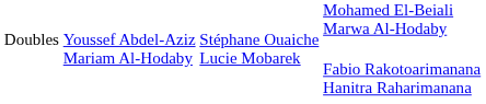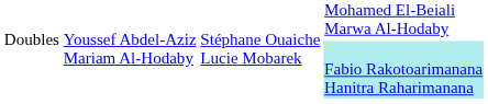 <table>
 <tr>
 <td rowspan=2>Doubles<br></td>
 <td rowspan=2><br><a href='#'>Youssef Abdel-Aziz</a><br><a href='#'>Mariam Al-Hodaby</a></td>
 <td rowspan=2><br><a href='#'>Stéphane Ouaiche</a><br><a href='#'>Lucie Mobarek</a></td>
 <td><br><a href='#'>Mohamed El-Beiali</a><br><a href='#'>Marwa Al-Hodaby</a></td>
 </tr>
 <tr>
-<td><br><a href='#'>Fabio Rakotoarimanana</a><br><a href='#'>Hanitra Raharimanana</a></td>
+<td style="background: paleturquoise;"><br><a href='#'>Fabio Rakotoarimanana</a><br><a href='#'>Hanitra Raharimanana</a></td>
 </tr>
 </table>
